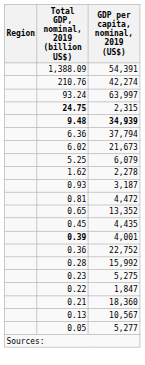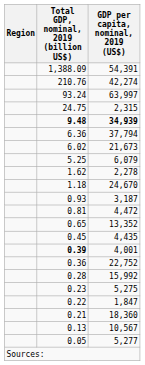 <table class="wikitable sortable floatright"  style="margin:20px 0px 20px 20px">
 <tr>
 <th>Region</th>
 <th style="width:6em;">Total GDP, nominal, 2019 <br>(billion US$)</th>
 <th style="width:6em;">GDP per capita, nominal, 2019 <br>(US$)</th>
 </tr>
 <tr>
 <td style="text-align:left;"></td>
 <td style="text-align:right;">1,388.09</td>
 <td style="text-align:right;">54,391</td>
 </tr>
 <tr>
 <td style="text-align:left;"></td>
 <td style="text-align:right;">210.76</td>
 <td style="text-align:right;">42,274</td>
 </tr>
 <tr>
 <td style="text-align:left;"></td>
 <td style="text-align:right;">93.24</td>
 <td style="text-align:right;">63,997</td>
 </tr>
 <tr>
 <td style="text-align:left;"></td>
-<td style="text-align:right;"><strong>24.75</strong></td>
+<td style="text-align:right;">24.75</td>
 <td style="text-align:right;">2,315</td>
 </tr>
 <tr style="font-weight:bold;">
 <td style="text-align:left;"></td>
 <td style="text-align:right;">9.48</td>
 <td style="text-align:right;">34,939</td>
 </tr>
 <tr>
 <td style="text-align:left;"></td>
 <td style="text-align:right;">6.36</td>
 <td style="text-align:right;">37,794</td>
 </tr>
 <tr>
 <td style="text-align:left;"></td>
 <td style="text-align:right;">6.02</td>
 <td style="text-align:right;">21,673</td>
 </tr>
 <tr>
 <td style="text-align:left;"></td>
 <td style="text-align:right;">5.25</td>
 <td style="text-align:right;">6,079</td>
 </tr>
 <tr>
 <td style="text-align:left;"></td>
 <td style="text-align:right;">1.62</td>
 <td style="text-align:right;">2,278</td>
+</tr>
+<tr>
+<td style="text-align:left;"></td>
+<td style="text-align:right;">1.18</td>
+<td style="text-align:right;">24,670</td>
 </tr>
 <tr>
 <td style="t.ext-align:left;"></td>
 <td style="text-align:right;">0.93</td>
 <td style="text-align:right;">3,187</td>
 </tr>
 <tr>
 <td style="text-align:left;"></td>
 <td style="text-align:right;">0.81</td>
 <td style="text-align:right;">4,472</td>
 </tr>
 <tr>
 <td style="text-align:left;"></td>
 <td style="text-align:right;">0.65</td>
 <td style="text-align:right;">13,352</td>
 </tr>
 <tr>
 <td style="text-align:left;"></td>
 <td style="text-align:right;">0.45</td>
 <td style="text-align:right;">4,435</td>
 </tr>
 <tr>
 <td style="text-align:left;"></td>
 <td style="text-align:right;"><strong>0.39</strong></td>
 <td style="text-align:right;">4,001</td>
 </tr>
 <tr>
 <td style="text-align:left;"></td>
 <td style="text-align:right;">0.36</td>
 <td style="text-align:right;">22,752</td>
 </tr>
 <tr>
 <td style="text-align:left;"></td>
 <td style="text-align:right;">0.28</td>
 <td style="text-align:right;">15,992</td>
 </tr>
 <tr>
 <td style="text-align:left;"></td>
 <td style="text-align:right;">0.23</td>
 <td style="text-align:right;">5,275</td>
 </tr>
 <tr>
 <td style="text-align:left;"></td>
 <td style="text-align:right;">0.22</td>
 <td style="text-align:right;">1,847</td>
 </tr>
 <tr>
 <td style="text-align:left;"></td>
 <td style="text-align:right;">0.21</td>
 <td style="text-align:right;">18,360</td>
 </tr>
 <tr>
 <td style="text-align:left;"></td>
 <td style="text-align:right;">0.13</td>
 <td style="text-align:right;">10,567</td>
 </tr>
 <tr>
 <td style="text-align:left;"></td>
 <td style="text-align:right;">0.05</td>
 <td style="text-align:right;">5,277</td>
 </tr>
 <tr>
 <td style="text-align:left;" colspan=3>Sources:</td>
 </tr>
 </table>
